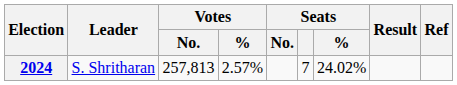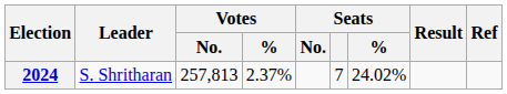 <table class="sortable wikitable">
 <tr>
 <th rowspan=2 style="background-color:">Election</th>
 <th rowspan=2 style="background-color:">Leader</th>
 <th colspan=2 style="background-color:">Votes</th>
 <th colspan=3 style="background-color:">Seats</th>
 <th rowspan=2 style="background-color:">Result</th>
 <th rowspan=2 style="background-color:">Ref</th>
 </tr>
 <tr>
 <th style="background-color:">No.</th>
 <th style="background-color:">%</th>
 <th style="background-color:">No.</th>
 <th style="background-color:"></th>
 <th style="background-color:">%</th>
 </tr>
 <tr>
 <th><a href='#'>2024</a></th>
 <td><a href='#'>S. Shritharan</a></td>
 <td align=center>257,813</td>
-<td align=center>2.57%</td>
+<td align=center>2.37%</td>
 <td></td>
 <td> 7</td>
 <td>24.02%</td>
 <td></td>
 <td></td>
 </tr>
 </table>
